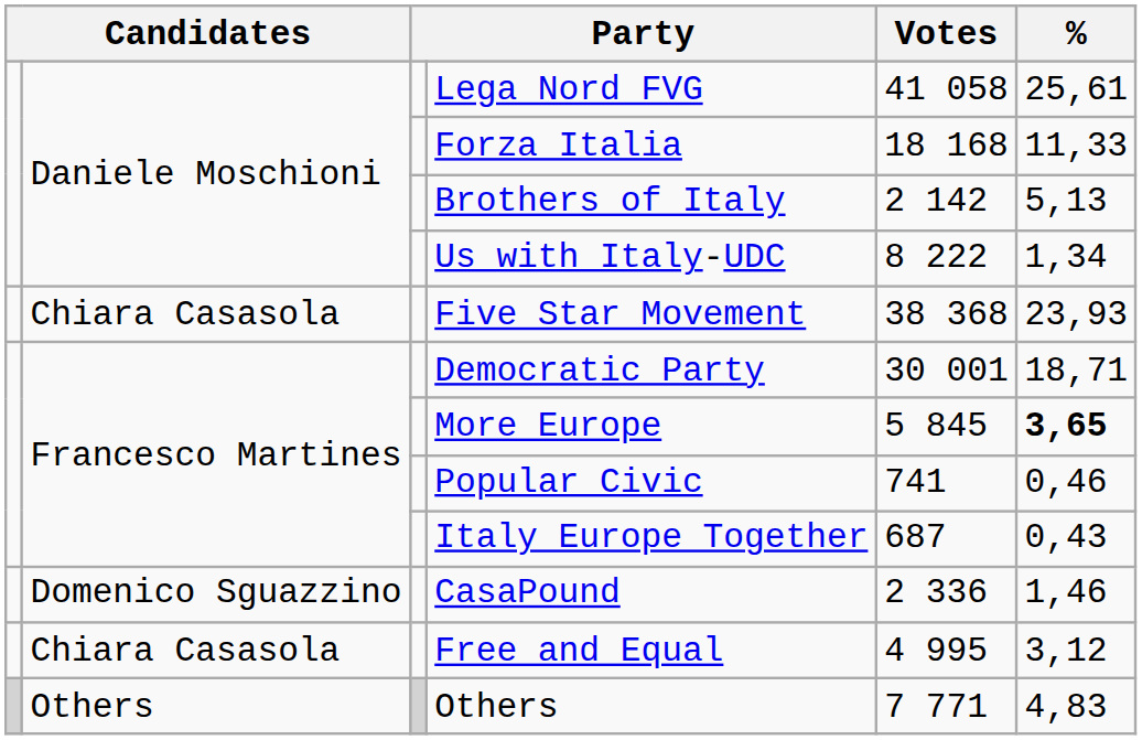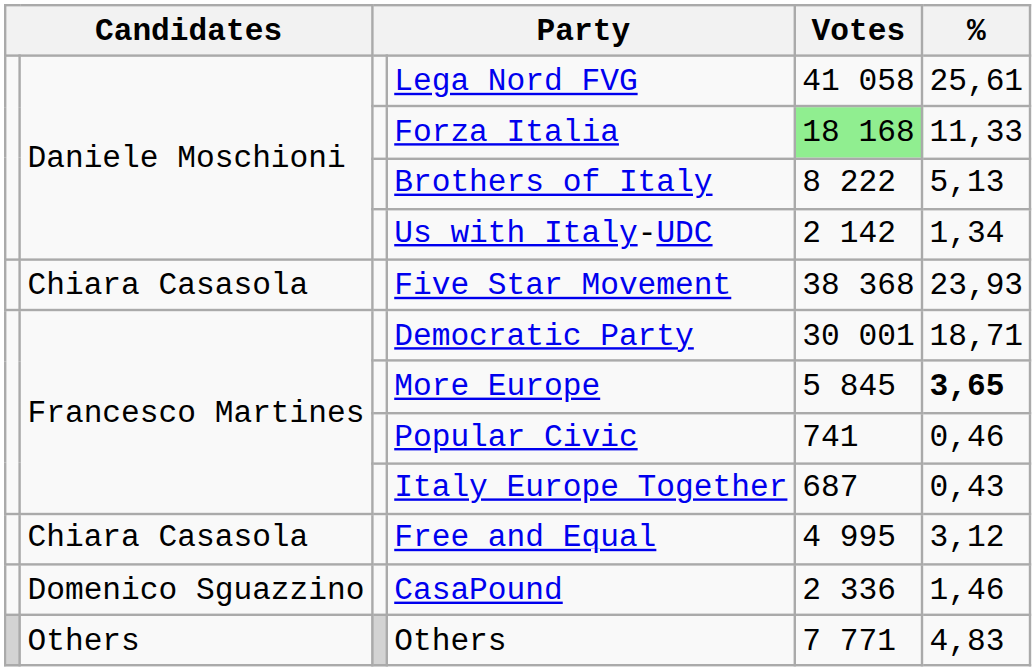 <table class="wikitable">
 <tr>
 <th colspan="2">Candidates</th>
 <th colspan="2">Party</th>
 <th>Votes</th>
 <th>%</th>
 </tr>
 <tr>
 <td rowspan="4"></td>
 <td rowspan="4">Daniele Moschioni</td>
 <td></td>
 <td><a href='#'>Lega Nord FVG</a></td>
 <td>41 058</td>
 <td>25,61</td>
 </tr>
 <tr>
 <td></td>
 <td><a href='#'>Forza Italia</a></td>
-<td>18 168</td>
+<td style="background: lightgreen;">18 168</td>
 <td>11,33</td>
 </tr>
 <tr>
 <td></td>
 <td><a href='#'>Brothers of Italy</a></td>
-<td>2 142</td>
+<td>8 222</td>
 <td>5,13</td>
 </tr>
 <tr>
 <td></td>
 <td><a href='#'>Us with Italy</a>-<a href='#'>UDC</a></td>
-<td>8 222</td>
+<td>2 142</td>
 <td>1,34</td>
 </tr>
 <tr>
 <td></td>
 <td>Chiara Casasola</td>
 <td></td>
 <td><a href='#'>Five Star Movement</a></td>
 <td>38 368</td>
 <td>23,93</td>
 </tr>
 <tr>
 <td rowspan="4"></td>
 <td rowspan="4">Francesco Martines</td>
 <td></td>
 <td><a href='#'>Democratic Party</a></td>
 <td>30 001</td>
 <td>18,71</td>
 </tr>
 <tr>
 <td></td>
 <td><a href='#'>More Europe</a></td>
 <td>5 845</td>
 <td><strong>3,65</strong></td>
 </tr>
 <tr>
 <td></td>
 <td><a href='#'>Popular Civic</a></td>
 <td>741</td>
 <td>0,46</td>
 </tr>
 <tr>
 <td></td>
 <td><a href='#'>Italy Europe Together</a></td>
 <td>687</td>
 <td>0,43</td>
 </tr>
 <tr>
 <td></td>
+<td>Chiara Casasola</td>
+<td></td>
+<td><a href='#'>Free and Equal</a></td>
+<td>4 995</td>
+<td>3,12</td>
+</tr>
+<tr>
+<td></td>
 <td>Domenico Sguazzino</td>
 <td></td>
 <td><a href='#'>CasaPound</a></td>
 <td>2 336</td>
 <td>1,46</td>
-</tr>
-<tr>
-<td></td>
-<td>Chiara Casasola</td>
-<td></td>
-<td><a href='#'>Free and Equal</a></td>
-<td>4 995</td>
-<td>3,12</td>
 </tr>
 <tr>
 <td bgcolor="Lightgrey"></td>
 <td>Others</td>
 <td bgcolor="Lightgrey"></td>
 <td>Others</td>
 <td>7 771</td>
 <td>4,83</td>
 </tr>
 </table>
